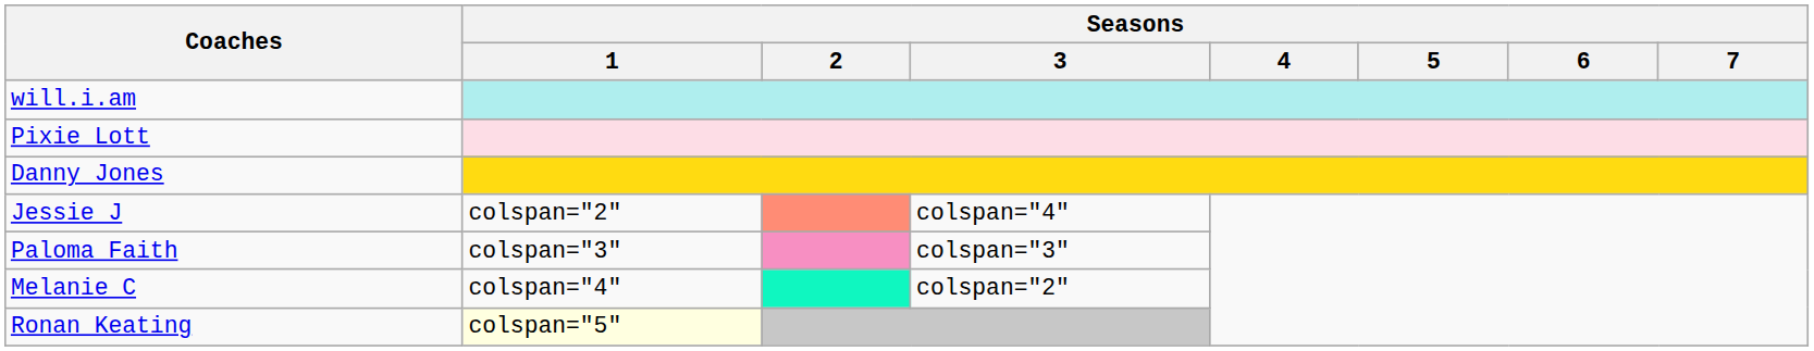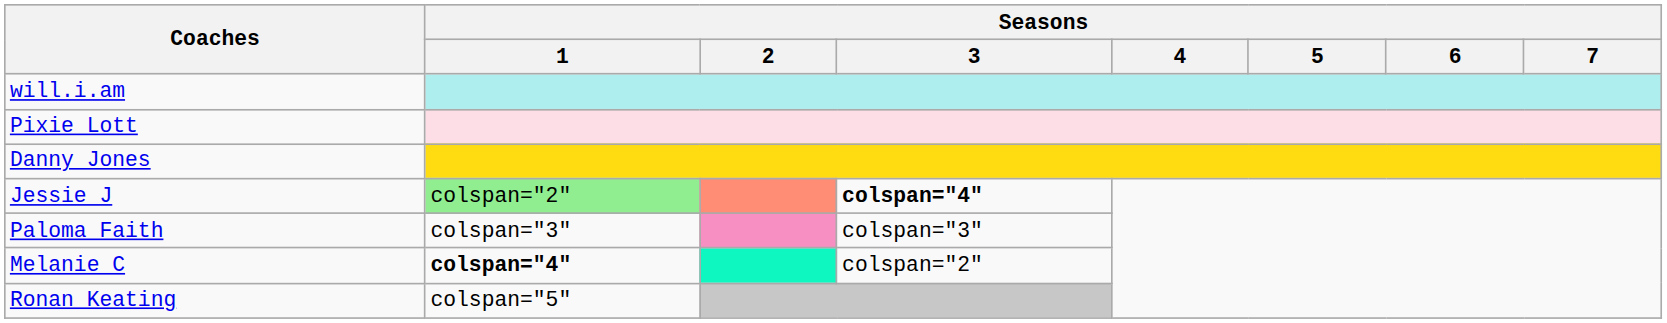 <table class="wikitable" width="80%">
 <tr>
 <th rowspan="2" width="135">Coaches</th>
 <th colspan="7">Seasons</th>
 </tr>
 <tr>
 <th width="40">1</th>
 <th width="40">2</th>
 <th width="40">3</th>
 <th width="40">4</th>
 <th width="40">5</th>
 <th width="40">6</th>
 <th Width="40">7</th>
 </tr>
 <tr>
 <td><a href='#'>will.i.am</a></td>
 <td colspan="7" style="background:#afeeee"></td>
 </tr>
 <tr>
 <td><a href='#'>Pixie Lott</a></td>
 <td colspan="7" style="background:#FDDDE6"></td>
 </tr>
 <tr>
 <td><a href='#'>Danny Jones</a></td>
 <td colspan="7" style="background:#ffdb11"></td>
 </tr>
 <tr>
 <td><a href='#'>Jessie J</a></td>
-<td>colspan="2" </td>
+<td style="background: lightgreen;">colspan="2" </td>
 <td style="background:#ff8c75"></td>
-<td>colspan="4" </td>
+<td><strong>colspan="4" </strong></td>
 </tr>
 <tr>
 <td><a href='#'>Paloma Faith</a></td>
 <td>colspan="3" </td>
 <td style="background:#f78fc2"></td>
 <td>colspan="3" </td>
 </tr>
 <tr>
 <td><a href='#'>Melanie C</a></td>
-<td>colspan="4" </td>
+<td><strong>colspan="4" </strong></td>
 <td style="background:#0ff7c0"></td>
 <td>colspan="2" </td>
 </tr>
 <tr>
 <td><a href='#'>Ronan Keating</a></td>
-<td style="background: lightyellow;">colspan="5" </td>
+<td>colspan="5" </td>
 <td colspan="2" style="background:#c7c7c7"></td>
 </tr>
 </table>
